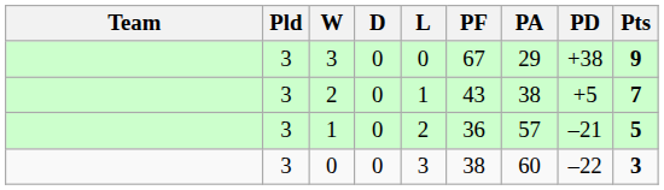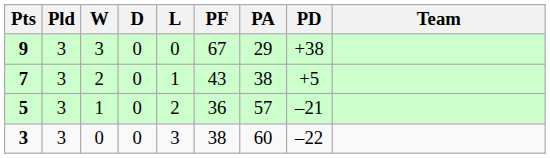 <table class="wikitable" style="text-align:center;">
 <tr>
-<th width=175>Team</th>
+<th width=25 abbr="Points">Pts</th>
 <th width=25 abbr="Played">Pld</th>
 <th width=25 abbr="Won">W</th>
 <th width=25 abbr="Drawn">D</th>
 <th width=25 abbr="Lost">L</th>
 <th width=32 abbr="Points for">PF</th>
 <th width=32 abbr="Points against">PA</th>
 <th width=32 abbr="Points difference">PD</th>
-<th width=25 abbr="Points">Pts</th>
+<th width=175>Team</th>
 </tr>
 <tr bgcolor=ccffcc>
-<td align=left></td>
+<td><strong>9</strong></td>
 <td>3</td>
 <td>3</td>
 <td>0</td>
 <td>0</td>
 <td>67</td>
 <td>29</td>
 <td>+38</td>
-<td><strong>9</strong></td>
+<td align=left></td>
 </tr>
 <tr bgcolor=ccffcc>
-<td align=left></td>
+<td><strong>7</strong></td>
 <td>3</td>
 <td>2</td>
 <td>0</td>
 <td>1</td>
 <td>43</td>
 <td>38</td>
 <td>+5</td>
-<td><strong>7</strong></td>
+<td align=left></td>
 </tr>
 <tr bgcolor=ccffcc>
-<td align=left></td>
+<td><strong>5</strong></td>
 <td>3</td>
 <td>1</td>
 <td>0</td>
 <td>2</td>
 <td>36</td>
 <td>57</td>
 <td>–21</td>
-<td><strong>5</strong></td>
+<td align=left></td>
 </tr>
 <tr>
-<td align=left></td>
+<td><strong>3</strong></td>
 <td>3</td>
 <td>0</td>
 <td>0</td>
 <td>3</td>
 <td>38</td>
 <td>60</td>
 <td>–22</td>
-<td><strong>3</strong></td>
+<td align=left></td>
 </tr>
 </table>
